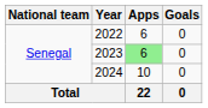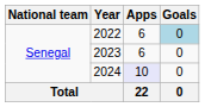 <table class="wikitable" style="text-align: center;">
 <tr>
 <th>National team</th>
 <th>Year</th>
 <th>Apps</th>
 <th>Goals</th>
 </tr>
 <tr>
 <td rowspan="3"><a href='#'>Senegal</a></td>
 <td>2022</td>
 <td>6</td>
-<td>0</td>
+<td style="background: lightblue;">0</td>
 </tr>
 <tr>
 <td>2023</td>
-<td style="background: lightgreen;">6</td>
+<td>6</td>
 <td>0</td>
 </tr>
 <tr>
 <td>2024</td>
-<td>10</td>
+<td style="background: lavender;">10</td>
 <td>0</td>
 </tr>
 <tr>
 <th colspan="2">Total</th>
 <th>22</th>
 <th>0</th>
 </tr>
 </table>
